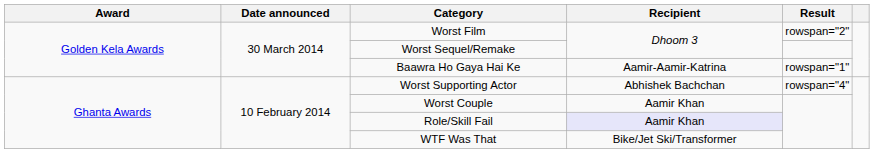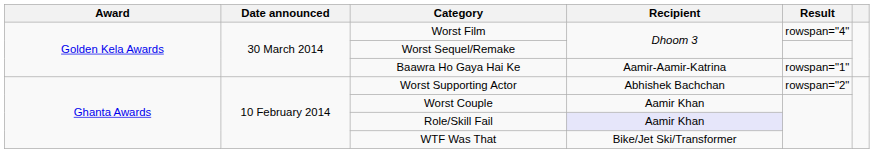 <table class="wikitable collapsible" style="text-align:center;">
 <tr>
 <th width="25%" scope="col">Award</th>
 <th width="15%" scope="col">Date announced</th>
 <th width="25%" scope="col">Category</th>
 <th width="25%" scope="col">Recipient</th>
 <th width="8%" scope="col">Result</th>
 <th width="2%" scope="col"></th>
 </tr>
 <tr>
 <td rowspan="3" style="text-align:center;"><a href='#'>Golden Kela Awards</a></td>
 <td rowspan="3" style="text-align:center;">30 March 2014</td>
 <td>Worst Film</td>
 <td rowspan="2"><em>Dhoom 3</em></td>
-<td>rowspan="2" </td>
+<td>rowspan="4" </td>
 <td align="center" rowspan="3"></td>
 </tr>
 <tr>
 <td>Worst Sequel/Remake</td>
 </tr>
 <tr>
 <td>Baawra Ho Gaya Hai Ke</td>
 <td>Aamir-Aamir-Katrina</td>
 <td>rowspan="1" </td>
 </tr>
 <tr>
 <td rowspan="4" style="text-align:center;"><a href='#'>Ghanta Awards</a></td>
 <td rowspan="4" style="text-align:center;">10 February 2014</td>
 <td>Worst Supporting Actor</td>
 <td>Abhishek Bachchan</td>
-<td>rowspan="4" </td>
+<td>rowspan="2" </td>
 <td align="center" rowspan="4"></td>
 </tr>
 <tr>
 <td>Worst Couple</td>
 <td>Aamir Khan</td>
 </tr>
 <tr>
 <td>Role/Skill Fail</td>
 <td style="background: lavender;">Aamir Khan</td>
 </tr>
 <tr>
 <td>WTF Was That</td>
 <td>Bike/Jet Ski/Transformer</td>
 </tr>
 </table>
